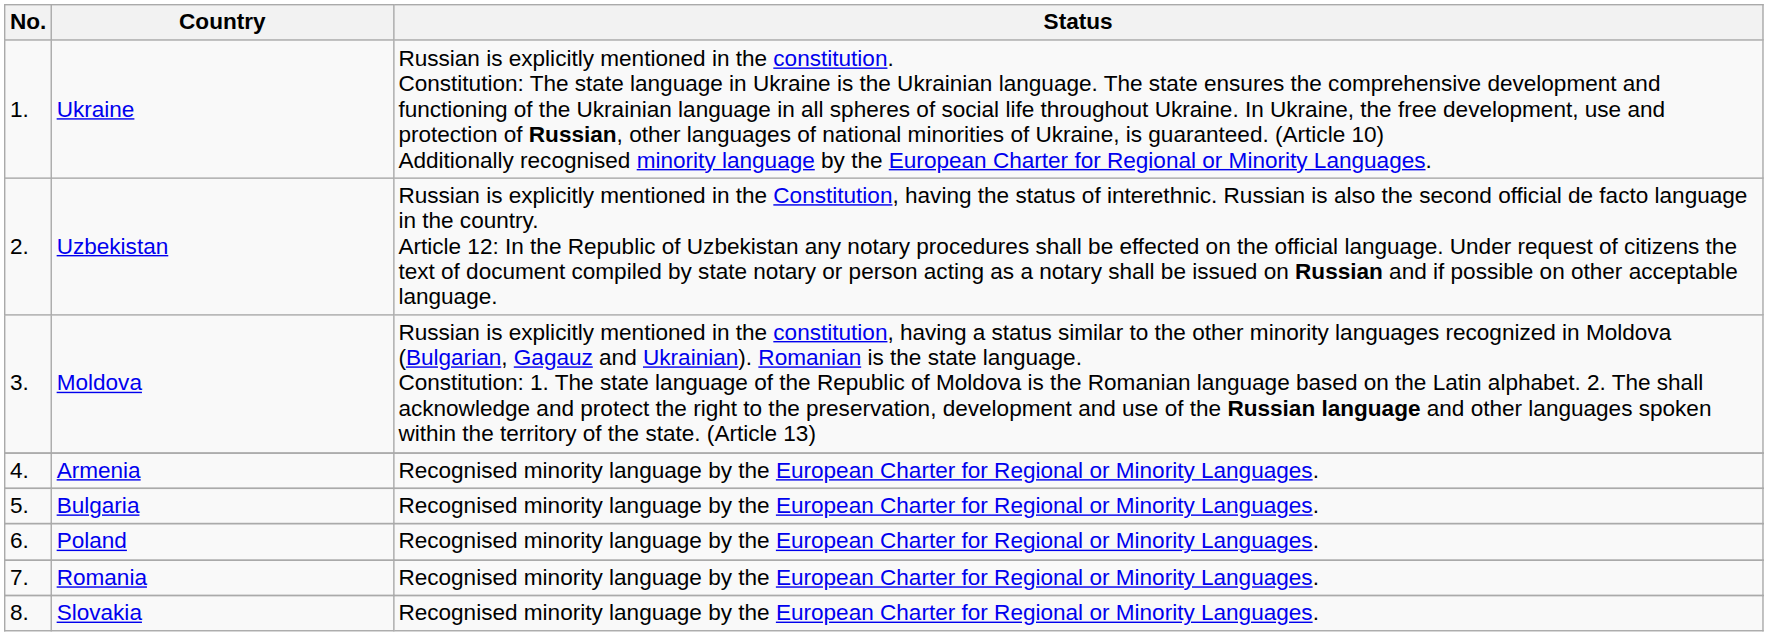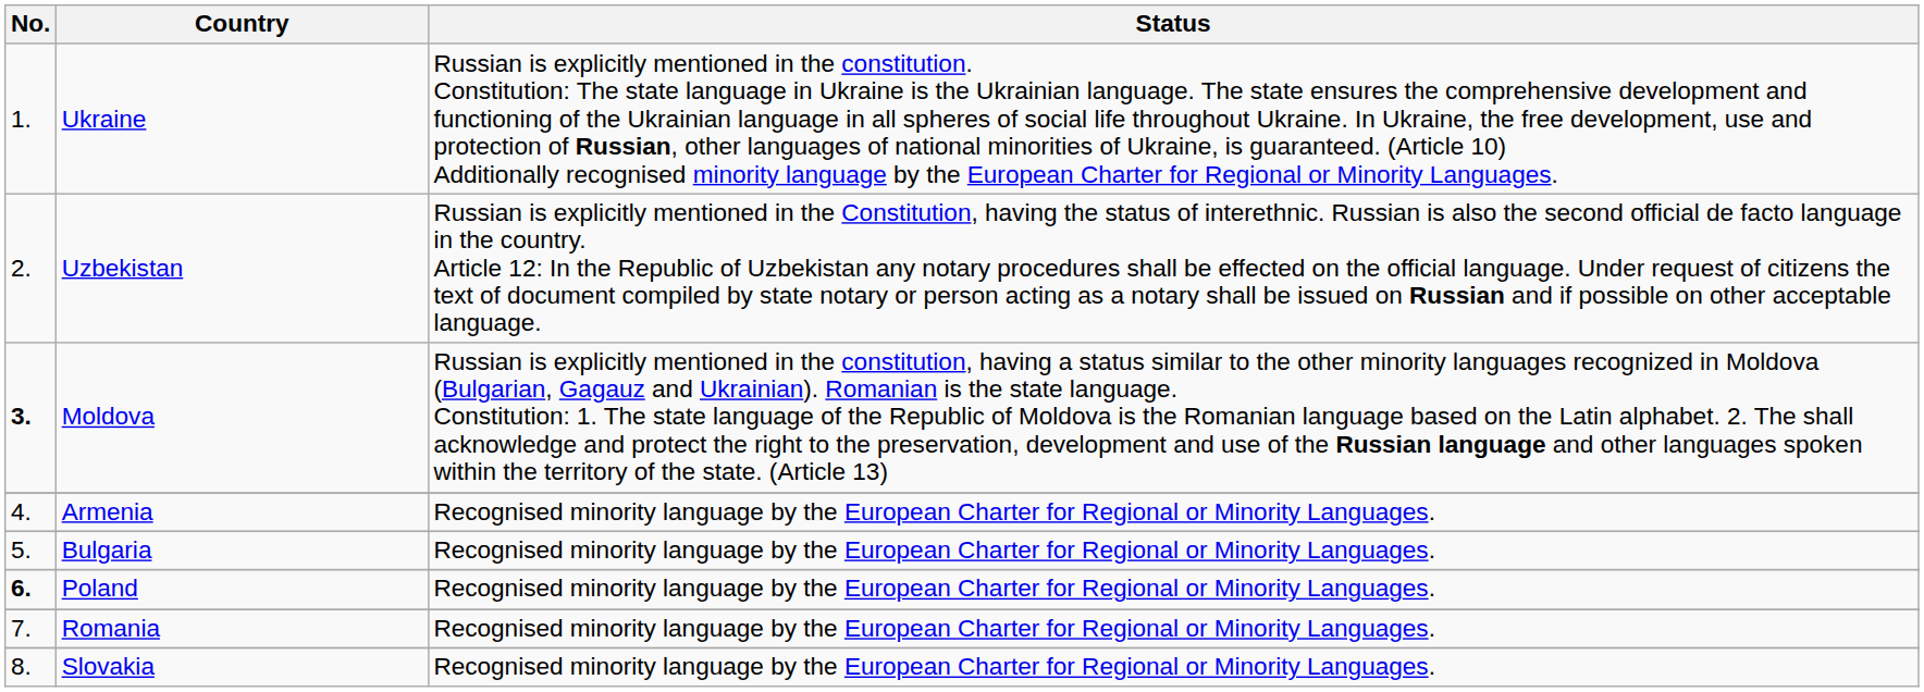 <table class="wikitable sortable">
 <tr>
 <th scope="col">No.</th>
 <th width=235 scope="col">Country</th>
 <th scope="col">Status</th>
 </tr>
 <tr>
 <td>1.</td>
 <td><a href='#'>Ukraine</a></td>
 <td>Russian is explicitly mentioned in the <a href='#'>constitution</a>.<br>Constitution: The state language in Ukraine is the Ukrainian language. The state ensures the comprehensive development and functioning of the Ukrainian language in all spheres of social life throughout Ukraine. In Ukraine, the free development, use and protection of <strong>Russian</strong>, other languages of national minorities of Ukraine, is guaranteed. (Article 10)<br>Additionally recognised <a href='#'>minority language</a> by the <a href='#'>European Charter for Regional or Minority Languages</a>.</td>
 </tr>
 <tr>
 <td>2.</td>
 <td><a href='#'>Uzbekistan</a></td>
 <td>Russian is explicitly mentioned in the <a href='#'>Constitution</a>, having the status of interethnic. Russian is also the second official de facto language in the country.<br>Article 12: In the Republic of Uzbekistan any notary procedures shall be effected on the official language. Under request of citizens the text of document compiled by state notary or person acting as a notary shall be issued on <strong>Russian</strong> and if possible on other acceptable language.</td>
 </tr>
 <tr>
-<td>3.</td>
+<td><strong>3.</strong></td>
 <td><a href='#'>Moldova</a></td>
 <td>Russian is explicitly mentioned in the <a href='#'>constitution</a>, having a status similar to the other minority languages recognized in Moldova (<a href='#'>Bulgarian</a>, <a href='#'>Gagauz</a> and <a href='#'>Ukrainian</a>). <a href='#'>Romanian</a> is the state language.<br>Constitution: 1. The state language of the Republic of Moldova is the Romanian language based on the Latin alphabet. 2. The shall acknowledge and protect the right to the preservation, development and use of the <strong>Russian language</strong> and other languages spoken within the territory of the state. (Article 13)</td>
 </tr>
 <tr>
 </tr>
 <tr>
 <td>4.</td>
 <td><a href='#'>Armenia</a></td>
 <td>Recognised minority language by the <a href='#'>European Charter for Regional or Minority Languages</a>.</td>
 </tr>
 <tr>
 </tr>
 <tr>
 <td>5.</td>
 <td><a href='#'>Bulgaria</a></td>
 <td>Recognised minority language by the <a href='#'>European Charter for Regional or Minority Languages</a>.</td>
 </tr>
 <tr>
 </tr>
 <tr>
-<td>6.</td>
+<td><strong>6.</strong></td>
 <td><a href='#'>Poland</a></td>
 <td>Recognised minority language by the <a href='#'>European Charter for Regional or Minority Languages</a>.</td>
 </tr>
 <tr>
 </tr>
 <tr>
 <td>7.</td>
 <td><a href='#'>Romania</a></td>
 <td>Recognised minority language by the <a href='#'>European Charter for Regional or Minority Languages</a>.</td>
 </tr>
 <tr>
 </tr>
 <tr>
 <td>8.</td>
 <td><a href='#'>Slovakia</a></td>
 <td>Recognised minority language by the <a href='#'>European Charter for Regional or Minority Languages</a>.</td>
 </tr>
 </table>
